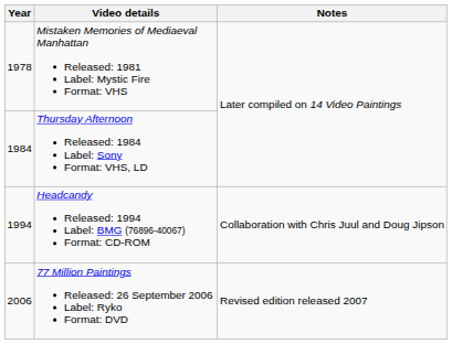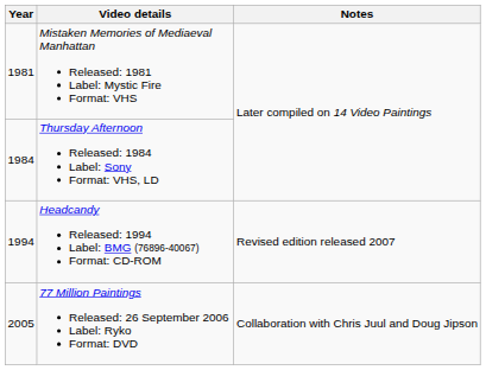 <table class="wikitable">
 <tr>
 <th width=33>Year</th>
 <th width="260">Video details</th>
 <th>Notes</th>
 </tr>
 <tr>
-<td>1978</td>
+<td>1981</td>
 <td align="left"><em>Mistaken Memories of Mediaeval Manhattan</em><br><ul><li>Released: 1981</li><li>Label: Mystic Fire</li><li>Format: VHS</li></ul></td>
 <td rowspan="2">Later compiled on <em>14 Video Paintings</em></td>
 </tr>
 <tr>
 <td>1984</td>
 <td align="left"><em><a href='#'>Thursday Afternoon</a></em><br><ul><li>Released: 1984</li><li>Label: <a href='#'>Sony</a></li><li>Format: VHS, LD</li></ul></td>
 </tr>
 <tr>
 <td>1994</td>
 <td><em><a href='#'>Headcandy</a></em><br><ul><li>Released: 1994</li><li>Label: <a href='#'>BMG</a> <small>(76896-40067)</small></li><li>Format: CD-ROM</li></ul></td>
+<td>Revised edition released 2007</td>
+</tr>
+<tr>
+<td>2005</td>
+<td align="left"><em><a href='#'>77 Million Paintings</a></em><br><ul><li>Released: 26 September 2006</li><li>Label: Ryko</li><li>Format: DVD</li></ul></td>
 <td>Collaboration with Chris Juul and Doug Jipson</td>
 </tr>
-<tr>
-<td>2006</td>
-<td align="left"><em><a href='#'>77 Million Paintings</a></em><br><ul><li>Released: 26 September 2006</li><li>Label: Ryko</li><li>Format: DVD</li></ul></td>
-<td>Revised edition released 2007</td>
-</tr>
 </table>
